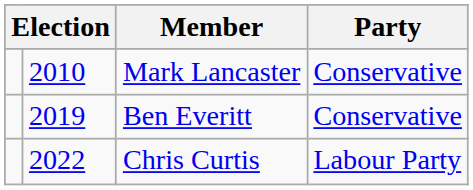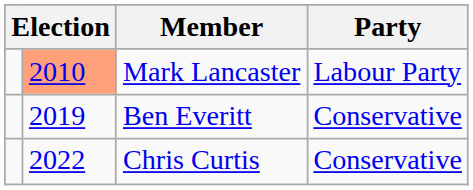 <table class="wikitable">
 <tr>
 <th colspan="2">Election</th>
 <th>Member</th>
 <th>Party</th>
 </tr>
 <tr>
 <td style="color:inherit;background-color: "></td>
-<td><a href='#'>2010</a></td>
+<td style="background: lightsalmon;"><a href='#'>2010</a></td>
 <td><a href='#'>Mark Lancaster</a></td>
-<td><a href='#'>Conservative</a></td>
+<td><a href='#'>Labour Party</a></td>
 </tr>
 <tr>
 <td style="color:inherit;background-color: "></td>
 <td><a href='#'>2019</a></td>
 <td><a href='#'>Ben Everitt</a></td>
 <td><a href='#'>Conservative</a></td>
 </tr>
 <tr>
 <td style="color:inherit;background-color: "></td>
 <td><a href='#'>2022</a></td>
 <td><a href='#'>Chris Curtis</a></td>
-<td><a href='#'>Labour Party</a></td>
+<td><a href='#'>Conservative</a></td>
 </tr>
 </table>
